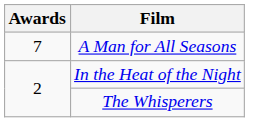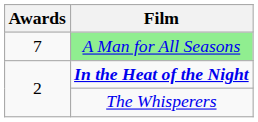 <table class="wikitable" style="text-align:center;">
 <tr>
 <th style="background:">Awards</th>
 <th style="background:">Film</th>
 </tr>
 <tr>
 <td>7</td>
-<td><em><a href='#'>A Man for All Seasons</a></em></td>
+<td style="background: lightgreen;"><em><a href='#'>A Man for All Seasons</a></em></td>
 </tr>
 <tr>
 <td rowspan="2">2</td>
-<td><em><a href='#'>In the Heat of the Night</a></em></td>
+<td><strong><em><a href='#'>In the Heat of the Night</a></em></strong></td>
 </tr>
 <tr>
 <td><em><a href='#'>The Whisperers</a></em></td>
 </tr>
 </table>
